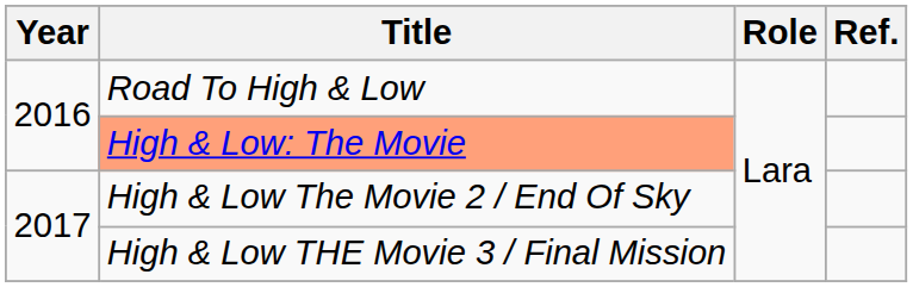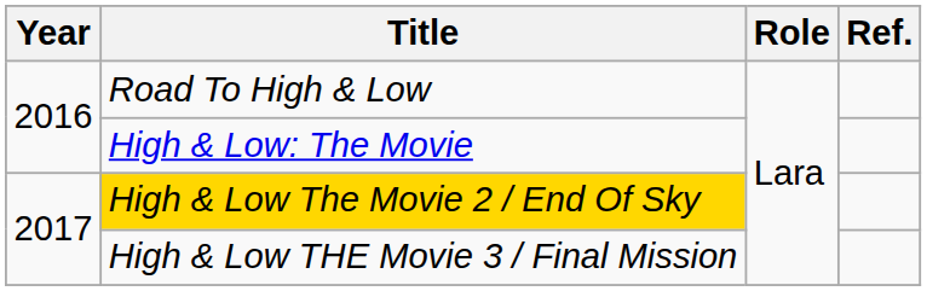 <table class="wikitable">
 <tr>
 <th>Year</th>
 <th>Title</th>
 <th>Role</th>
 <th>Ref.</th>
 </tr>
 <tr>
 <td rowspan="2">2016</td>
 <td><em>Road To High & Low</em></td>
 <td rowspan="4">Lara</td>
 <td></td>
 </tr>
 <tr>
-<td style="background: lightsalmon;"><em><a href='#'>High & Low: The Movie</a></em></td>
+<td><em><a href='#'>High & Low: The Movie</a></em></td>
 <td></td>
 </tr>
 <tr>
 <td rowspan="2">2017</td>
-<td><em>High & Low The Movie 2 / End Of Sky</em></td>
+<td style="background: gold;"><em>High & Low The Movie 2 / End Of Sky</em></td>
 <td></td>
 </tr>
 <tr>
 <td><em>High & Low THE Movie 3 / Final Mission</em></td>
 <td></td>
 </tr>
 </table>
